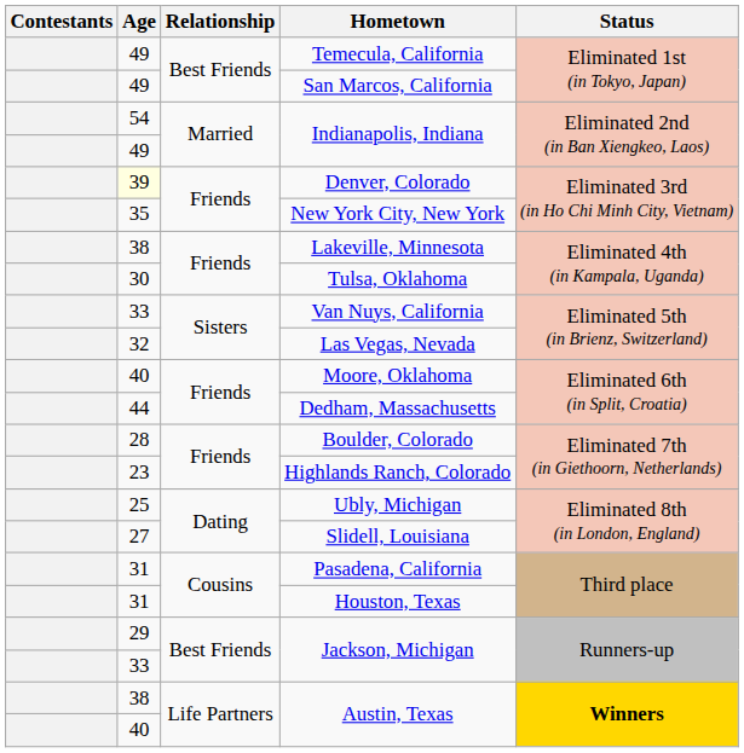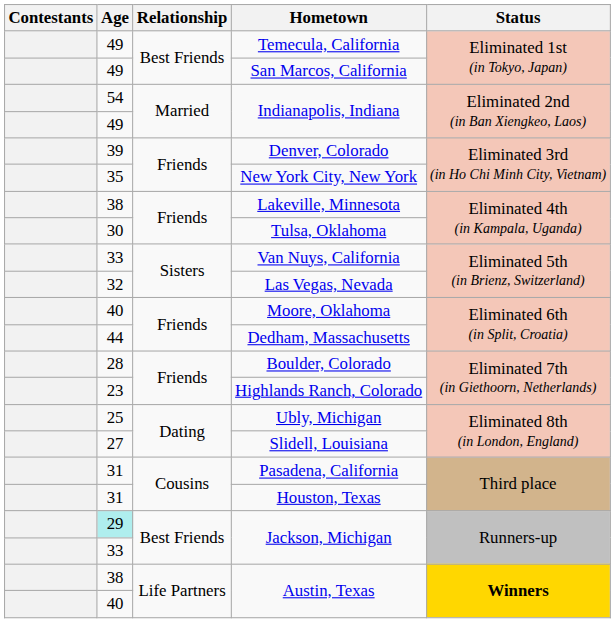 <table class="wikitable sortable" style="text-align:center;">
 <tr>
 <th scope="col">Contestants</th>
 <th scope="col">Age</th>
 <th class="unsortable" scope="col">Relationship</th>
 <th scope="col" class="unsortable">Hometown</th>
 <th scope="col">Status</th>
 </tr>
 <tr>
 <th scope="row"></th>
 <td>49</td>
 <td rowspan="2">Best Friends<br><em></em></td>
 <td><a href='#'>Temecula, California</a></td>
 <td rowspan="2" bgcolor="f4c7b8">Eliminated 1st<br><small><em>(in Tokyo, Japan)</em></small></td>
 </tr>
 <tr>
 <th scope="row"></th>
 <td>49</td>
 <td><a href='#'>San Marcos, California</a></td>
 </tr>
 <tr>
 <th scope="row"></th>
 <td>54</td>
 <td rowspan="2">Married<br><em></em></td>
 <td rowspan="2"><a href='#'>Indianapolis, Indiana</a></td>
 <td rowspan="2" bgcolor="f4c7b8">Eliminated 2nd<br><small><em>(in Ban Xiengkeo, Laos)</em></small></td>
 </tr>
 <tr>
 <th scope="row"></th>
 <td>49</td>
 </tr>
 <tr>
 <th scope="row"></th>
-<td style="background: lightyellow;">39</td>
+<td>39</td>
 <td rowspan="2">Friends<br><em></em></td>
 <td><a href='#'>Denver, Colorado</a></td>
 <td rowspan="2" bgcolor="f4c7b8">Eliminated 3rd<br><small><em>(in Ho Chi Minh City, Vietnam)</em></small></td>
 </tr>
 <tr>
 <th scope="row"></th>
 <td>35</td>
 <td><a href='#'>New York City, New York</a></td>
 </tr>
 <tr>
 <th scope="row"></th>
 <td>38</td>
 <td rowspan="2">Friends<br><em></em></td>
 <td><a href='#'>Lakeville, Minnesota</a></td>
 <td rowspan="2" bgcolor="f4c7b8">Eliminated 4th<br><small><em>(in Kampala, Uganda)</em></small></td>
 </tr>
 <tr>
 <th scope="row"></th>
 <td>30</td>
 <td><a href='#'>Tulsa, Oklahoma</a></td>
 </tr>
 <tr>
 <th scope="row"></th>
 <td>33</td>
 <td rowspan="2">Sisters<br><em></em></td>
 <td><a href='#'>Van Nuys, California</a></td>
 <td rowspan="2" bgcolor="f4c7b8">Eliminated 5th<br><small><em>(in Brienz, Switzerland)</em></small></td>
 </tr>
 <tr>
 <th scope="row"></th>
 <td>32</td>
 <td><a href='#'>Las Vegas, Nevada</a></td>
 </tr>
 <tr>
 <th scope="row"></th>
 <td>40</td>
 <td rowspan="2">Friends<br><em></em></td>
 <td><a href='#'>Moore, Oklahoma</a></td>
 <td rowspan="2" bgcolor="f4c7b8">Eliminated 6th<br><small><em>(in Split, Croatia)</em></small></td>
 </tr>
 <tr>
 <th scope="row"></th>
 <td>44</td>
 <td><a href='#'>Dedham, Massachusetts</a></td>
 </tr>
 <tr>
 <th scope="row"></th>
 <td>28</td>
 <td rowspan="2">Friends<br><em></em></td>
 <td><a href='#'>Boulder, Colorado</a></td>
 <td rowspan="2" bgcolor="f4c7b8">Eliminated 7th<br><small><em>(in Giethoorn, Netherlands)</em></small></td>
 </tr>
 <tr>
 <th scope="row"></th>
 <td>23</td>
 <td><a href='#'>Highlands Ranch, Colorado</a></td>
 </tr>
 <tr>
 <th scope="row"></th>
 <td>25</td>
 <td rowspan="2">Dating<br><em></em></td>
 <td><a href='#'>Ubly, Michigan</a></td>
 <td rowspan="2" bgcolor="f4c7b8">Eliminated 8th<br><small><em>(in London, England)</em></small></td>
 </tr>
 <tr>
 <th scope="row"></th>
 <td>27</td>
 <td><a href='#'>Slidell, Louisiana</a></td>
 </tr>
 <tr>
 <th scope="row"></th>
 <td>31</td>
 <td rowspan="2">Cousins<br><em></em></td>
 <td><a href='#'>Pasadena, California</a></td>
 <td rowspan="2" bgcolor="tan">Third place</td>
 </tr>
 <tr>
 <th scope="row"></th>
 <td>31</td>
 <td><a href='#'>Houston, Texas</a></td>
 </tr>
 <tr>
 <th scope="row"></th>
-<td>29</td>
+<td style="background: paleturquoise;">29</td>
 <td rowspan="2">Best Friends<br><em></em></td>
 <td rowspan="2"><a href='#'>Jackson, Michigan</a></td>
 <td rowspan="2" bgcolor="silver">Runners-up</td>
 </tr>
 <tr>
 <th scope="row"></th>
 <td>33</td>
 </tr>
 <tr>
 <th scope="row"></th>
 <td>38</td>
 <td rowspan="2">Life Partners<br><em></em></td>
 <td rowspan="2"><a href='#'>Austin, Texas</a></td>
 <td rowspan="2" bgcolor="gold"><strong>Winners</strong></td>
 </tr>
 <tr>
 <th scope="row"></th>
 <td>40</td>
 </tr>
 </table>
